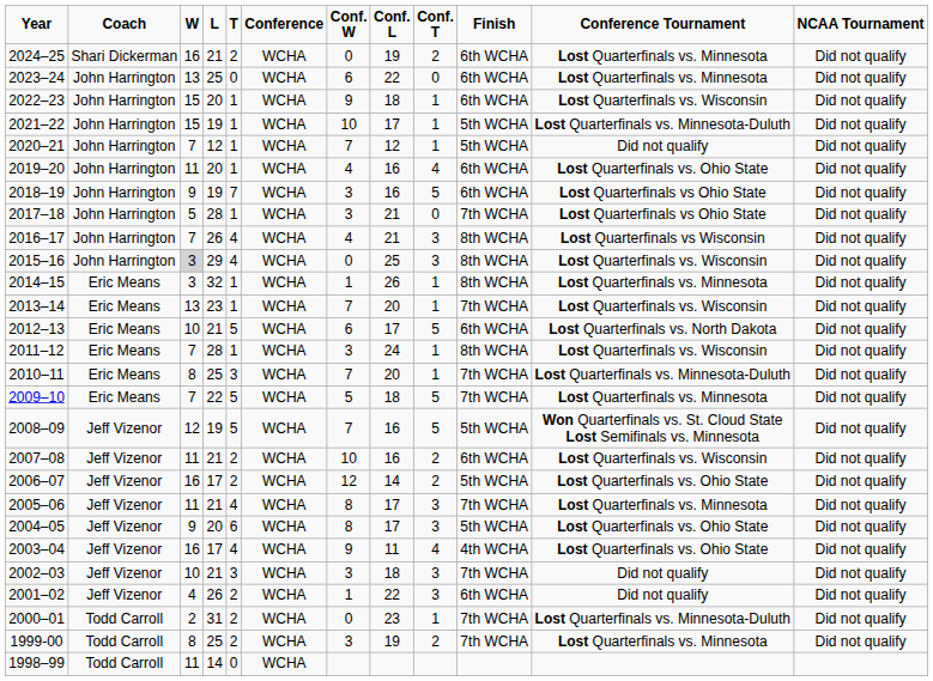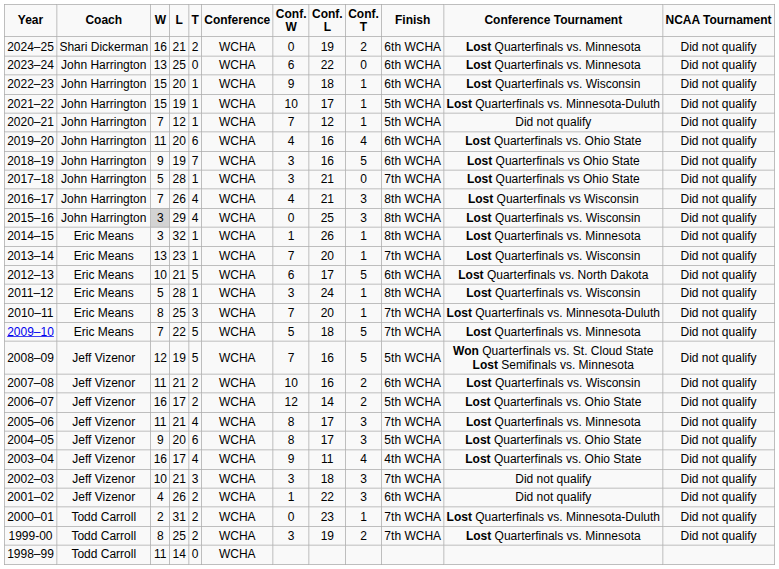 <table class="wikitable">
 <tr style="text-align:center; ">
 <td><strong>Year</strong></td>
 <td><strong>Coach</strong></td>
 <td><strong>W</strong></td>
 <td><strong>L</strong></td>
 <td><strong>T</strong></td>
 <td><strong>Conference</strong></td>
 <td><strong>Conf. <br> W</strong></td>
 <td><strong>Conf. <br> L</strong></td>
 <td><strong>Conf. <br> T</strong></td>
 <td><strong>Finish</strong></td>
 <td><strong>Conference Tournament</strong></td>
 <td><strong>NCAA Tournament</strong></td>
 </tr>
 <tr style="text-align:center;" bgcolor="">
 <td>2024–25</td>
 <td>Shari Dickerman</td>
 <td>16</td>
 <td>21</td>
 <td>2</td>
 <td>WCHA</td>
 <td>0</td>
 <td>19</td>
 <td>2</td>
 <td>6th WCHA</td>
 <td><strong>Lost</strong> Quarterfinals vs. Minnesota </td>
 <td>Did not qualify</td>
 </tr>
 <tr style="text-align:center;" bgcolor="">
 <td>2023–24</td>
 <td>John Harrington</td>
 <td>13</td>
 <td>25</td>
 <td>0</td>
 <td>WCHA</td>
 <td>6</td>
 <td>22</td>
 <td>0</td>
 <td>6th WCHA</td>
 <td><strong>Lost</strong> Quarterfinals vs. Minnesota </td>
 <td>Did not qualify</td>
 </tr>
 <tr style="text-align:center;" bgcolor="">
 <td>2022–23</td>
 <td>John Harrington</td>
 <td>15</td>
 <td>20</td>
 <td>1</td>
 <td>WCHA</td>
 <td>9</td>
 <td>18</td>
 <td>1</td>
 <td>6th WCHA</td>
 <td><strong>Lost</strong> Quarterfinals vs. Wisconsin </td>
 <td>Did not qualify</td>
 </tr>
 <tr style="text-align:center;" bgcolor="">
 <td>2021–22</td>
 <td>John Harrington</td>
 <td>15</td>
 <td>19</td>
 <td>1</td>
 <td>WCHA</td>
 <td>10</td>
 <td>17</td>
 <td>1</td>
 <td>5th WCHA</td>
 <td><strong>Lost</strong> Quarterfinals vs. Minnesota-Duluth </td>
 <td>Did not qualify</td>
 </tr>
 <tr style="text-align:center;" bgcolor="">
 <td>2020–21</td>
 <td>John Harrington</td>
 <td>7</td>
 <td>12</td>
 <td>1</td>
 <td>WCHA</td>
 <td>7</td>
 <td>12</td>
 <td>1</td>
 <td>5th WCHA</td>
 <td>Did not qualify</td>
 <td>Did not qualify</td>
 </tr>
 <tr style="text-align:center;" bgcolor="">
 <td>2019–20</td>
 <td>John Harrington</td>
 <td>11</td>
 <td>20</td>
-<td>1</td>
+<td>6</td>
 <td>WCHA</td>
 <td>4</td>
 <td>16</td>
 <td>4</td>
 <td>6th WCHA</td>
 <td><strong>Lost</strong> Quarterfinals vs. Ohio State </td>
 <td>Did not qualify</td>
 </tr>
 <tr style="text-align:center;" bgcolor="">
 <td>2018–19</td>
 <td>John Harrington</td>
 <td>9</td>
 <td>19</td>
 <td>7</td>
 <td>WCHA</td>
 <td>3</td>
 <td>16</td>
 <td>5</td>
 <td>6th WCHA</td>
 <td><strong>Lost</strong> Quarterfinals vs Ohio State </td>
 <td>Did not qualify</td>
 </tr>
 <tr style="text-align:center;" bgcolor="">
 <td>2017–18</td>
 <td>John Harrington</td>
 <td>5</td>
 <td>28</td>
 <td>1</td>
 <td>WCHA</td>
 <td>3</td>
 <td>21</td>
 <td>0</td>
 <td>7th WCHA</td>
 <td><strong>Lost</strong> Quarterfinals vs Ohio State </td>
 <td>Did not qualify</td>
 </tr>
 <tr style="text-align:center;" bgcolor="">
 <td>2016–17</td>
 <td>John Harrington</td>
 <td>7</td>
 <td>26</td>
 <td>4</td>
 <td>WCHA</td>
 <td>4</td>
 <td>21</td>
 <td>3</td>
 <td>8th WCHA</td>
 <td><strong>Lost</strong> Quarterfinals vs Wisconsin </td>
 <td>Did not qualify</td>
 </tr>
 <tr style="text-align:center;">
 <td>2015–16</td>
 <td>John Harrington</td>
 <td style="background: lightgrey;">3</td>
 <td>29</td>
 <td>4</td>
 <td>WCHA</td>
 <td>0</td>
 <td>25</td>
 <td>3</td>
 <td>8th WCHA</td>
 <td><strong>Lost</strong> Quarterfinals vs. Wisconsin </td>
 <td>Did not qualify</td>
 </tr>
 <tr style="text-align:center;" bgcolor="">
 <td>2014–15</td>
 <td>Eric Means</td>
 <td>3</td>
 <td>32</td>
 <td>1</td>
 <td>WCHA</td>
 <td>1</td>
 <td>26</td>
 <td>1</td>
 <td>8th WCHA</td>
 <td><strong>Lost</strong> Quarterfinals vs. Minnesota </td>
 <td>Did not qualify</td>
 </tr>
 <tr style="text-align:center;" bgcolor="">
 <td>2013–14</td>
 <td>Eric Means</td>
 <td>13</td>
 <td>23</td>
 <td>1</td>
 <td>WCHA</td>
 <td>7</td>
 <td>20</td>
 <td>1</td>
 <td>7th WCHA</td>
 <td><strong>Lost</strong> Quarterfinals vs. Wisconsin </td>
 <td>Did not qualify</td>
 </tr>
 <tr style="text-align:center;" bgcolor="">
 <td>2012–13</td>
 <td>Eric Means</td>
 <td>10</td>
 <td>21</td>
 <td>5</td>
 <td>WCHA</td>
 <td>6</td>
 <td>17</td>
 <td>5</td>
 <td>6th WCHA</td>
 <td><strong>Lost</strong> Quarterfinals vs. North Dakota </td>
 <td>Did not qualify</td>
 </tr>
 <tr style="text-align:center;" bgcolor="">
 <td>2011–12</td>
 <td>Eric Means</td>
-<td>7</td>
+<td>5</td>
 <td>28</td>
 <td>1</td>
 <td>WCHA</td>
 <td>3</td>
 <td>24</td>
 <td>1</td>
 <td>8th WCHA</td>
 <td><strong>Lost</strong> Quarterfinals vs. Wisconsin </td>
 <td>Did not qualify</td>
 </tr>
 <tr style="text-align:center;" bgcolor="">
 <td>2010–11</td>
 <td>Eric Means</td>
 <td>8</td>
 <td>25</td>
 <td>3</td>
 <td>WCHA</td>
 <td>7</td>
 <td>20</td>
 <td>1</td>
 <td>7th WCHA</td>
 <td><strong>Lost</strong> Quarterfinals vs. Minnesota-Duluth </td>
 <td>Did not qualify</td>
 </tr>
 <tr style="text-align:center;" bgcolor="">
 <td><a href='#'>2009–10</a></td>
 <td>Eric Means</td>
 <td>7</td>
 <td>22</td>
 <td>5</td>
 <td>WCHA</td>
 <td>5</td>
 <td>18</td>
 <td>5</td>
 <td>7th WCHA</td>
 <td><strong>Lost</strong> Quarterfinals vs. Minnesota </td>
 <td>Did not qualify</td>
 </tr>
 <tr style="text-align:center;" bgcolor="">
 <td>2008–09</td>
 <td>Jeff Vizenor</td>
 <td>12</td>
 <td>19</td>
 <td>5</td>
 <td>WCHA</td>
 <td>7</td>
 <td>16</td>
 <td>5</td>
 <td>5th WCHA</td>
 <td><strong>Won</strong> Quarterfinals vs. St. Cloud State  <br> <strong>Lost</strong> Semifinals vs. Minnesota </td>
 <td>Did not qualify</td>
 </tr>
 <tr style="text-align:center;" bgcolor="">
 <td>2007–08</td>
 <td>Jeff Vizenor</td>
 <td>11</td>
 <td>21</td>
 <td>2</td>
 <td>WCHA</td>
 <td>10</td>
 <td>16</td>
 <td>2</td>
 <td>6th WCHA</td>
 <td><strong>Lost</strong> Quarterfinals vs. Wisconsin </td>
 <td>Did not qualify</td>
 </tr>
 <tr style="text-align:center;" bgcolor="">
 <td>2006–07</td>
 <td>Jeff Vizenor</td>
 <td>16</td>
 <td>17</td>
 <td>2</td>
 <td>WCHA</td>
 <td>12</td>
 <td>14</td>
 <td>2</td>
 <td>5th WCHA</td>
 <td><strong>Lost</strong> Quarterfinals vs. Ohio State </td>
 <td>Did not qualify</td>
 </tr>
 <tr style="text-align:center;" bgcolor="">
 <td>2005–06</td>
 <td>Jeff Vizenor</td>
 <td>11</td>
 <td>21</td>
 <td>4</td>
 <td>WCHA</td>
 <td>8</td>
 <td>17</td>
 <td>3</td>
 <td>7th WCHA</td>
 <td><strong>Lost</strong> Quarterfinals vs. Minnesota </td>
 <td>Did not qualify</td>
 </tr>
 <tr style="text-align:center;" bgcolor="">
 <td>2004–05</td>
 <td>Jeff Vizenor</td>
 <td>9</td>
 <td>20</td>
 <td>6</td>
 <td>WCHA</td>
 <td>8</td>
 <td>17</td>
 <td>3</td>
 <td>5th WCHA</td>
 <td><strong>Lost</strong> Quarterfinals vs. Ohio State </td>
 <td>Did not qualify</td>
 </tr>
 <tr style="text-align:center;" bgcolor="">
 <td>2003–04</td>
 <td>Jeff Vizenor</td>
 <td>16</td>
 <td>17</td>
 <td>4</td>
 <td>WCHA</td>
 <td>9</td>
 <td>11</td>
 <td>4</td>
 <td>4th WCHA</td>
 <td><strong>Lost</strong> Quarterfinals vs. Ohio State </td>
 <td>Did not qualify</td>
 </tr>
 <tr style="text-align:center;" bgcolor="">
 <td>2002–03</td>
 <td>Jeff Vizenor</td>
 <td>10</td>
 <td>21</td>
 <td>3</td>
 <td>WCHA</td>
 <td>3</td>
 <td>18</td>
 <td>3</td>
 <td>7th WCHA</td>
 <td>Did not qualify</td>
 <td>Did not qualify</td>
 </tr>
 <tr style="text-align:center;" bgcolor="">
 <td>2001–02</td>
 <td>Jeff Vizenor</td>
 <td>4</td>
 <td>26</td>
 <td>2</td>
 <td>WCHA</td>
 <td>1</td>
 <td>22</td>
 <td>3</td>
 <td>6th WCHA</td>
 <td>Did not qualify</td>
 <td>Did not qualify</td>
 </tr>
 <tr style="text-align:center;" bgcolor="">
 <td>2000–01</td>
 <td>Todd Carroll</td>
 <td>2</td>
 <td>31</td>
 <td>2</td>
 <td>WCHA</td>
 <td>0</td>
 <td>23</td>
 <td>1</td>
 <td>7th WCHA</td>
 <td><strong>Lost</strong> Quarterfinals vs. Minnesota-Duluth </td>
 <td>Did not qualify</td>
 </tr>
 <tr style="text-align:center;" bgcolor="">
 <td>1999-00</td>
 <td>Todd Carroll</td>
 <td>8</td>
 <td>25</td>
 <td>2</td>
 <td>WCHA</td>
 <td>3</td>
 <td>19</td>
 <td>2</td>
 <td>7th WCHA</td>
 <td><strong>Lost</strong> Quarterfinals vs. Minnesota </td>
 <td>Did not qualify</td>
 </tr>
 <tr style="text-align:center;" bgcolor="">
 <td>1998–99</td>
 <td>Todd Carroll</td>
 <td>11</td>
 <td>14</td>
 <td>0</td>
 <td>WCHA</td>
 <td></td>
 <td></td>
 <td></td>
 <td></td>
 <td></td>
 <td></td>
 </tr>
 </table>
